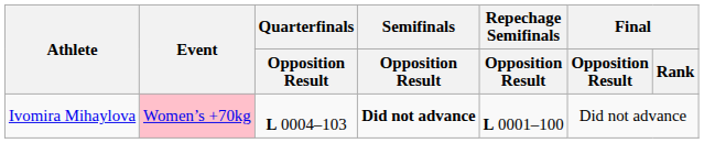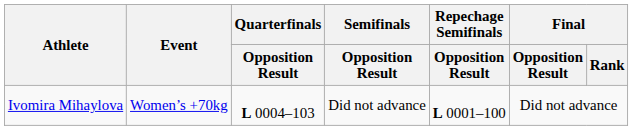 <table class="wikitable">
 <tr>
 <th rowspan="2">Athlete</th>
 <th rowspan="2">Event</th>
 <th>Quarterfinals</th>
 <th>Semifinals</th>
 <th>Repechage <br>Semifinals</th>
 <th colspan="2">Final</th>
 </tr>
 <tr>
 <th>Opposition<br>Result</th>
 <th>Opposition<br>Result</th>
 <th>Opposition<br>Result</th>
 <th>Opposition<br>Result</th>
 <th>Rank</th>
 </tr>
 <tr align=center>
 <td align=left><a href='#'>Ivomira Mihaylova</a></td>
-<td align=left style="background: pink;"><a href='#'>Women’s +70kg</a></td>
+<td align=left><a href='#'>Women’s +70kg</a></td>
 <td><br><strong>L</strong> 0004–103</td>
-<td><strong>Did not advance</strong></td>
+<td>Did not advance</td>
 <td><br><strong>L</strong> 0001–100</td>
 <td colspan=2>Did not advance</td>
 </tr>
 </table>
